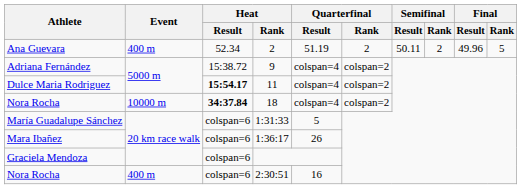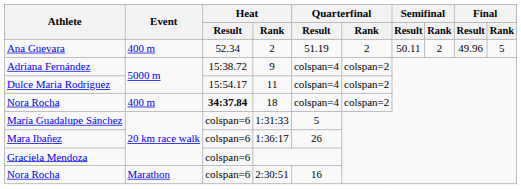 <table class=wikitable style=font-size:90%;text-align:center>
 <tr>
 <th rowspan=2>Athlete</th>
 <th rowspan=2>Event</th>
 <th colspan=2>Heat</th>
 <th colspan=2>Quarterfinal</th>
 <th colspan=2>Semifinal</th>
 <th colspan=2>Final</th>
 </tr>
 <tr style=font-size:95%>
 <th>Result</th>
 <th>Rank</th>
 <th>Result</th>
 <th>Rank</th>
 <th>Result</th>
 <th>Rank</th>
 <th>Result</th>
 <th>Rank</th>
 </tr>
 <tr>
 <td align=left><a href='#'>Ana Guevara</a></td>
 <td align=left><a href='#'>400 m</a></td>
 <td>52.34</td>
 <td>2</td>
 <td>51.19</td>
 <td>2</td>
 <td>50.11</td>
 <td>2</td>
 <td>49.96</td>
 <td>5</td>
 </tr>
 <tr>
 <td align=left><a href='#'>Adriana Fernández</a></td>
 <td align=left rowspan=2><a href='#'>5000 m</a></td>
 <td>15:38.72</td>
 <td>9</td>
 <td>colspan=4 </td>
 <td>colspan=2 </td>
 </tr>
 <tr>
 <td align=left><a href='#'>Dulce Maria Rodriguez</a></td>
-<td><strong>15:54.17</strong></td>
+<td>15:54.17</td>
 <td>11</td>
 <td>colspan=4 </td>
 <td>colspan=2 </td>
 </tr>
 <tr>
 <td align=left><a href='#'>Nora Rocha</a></td>
-<td align=left><a href='#'>10000 m</a></td>
+<td align=left><a href='#'>400 m</a></td>
 <td><strong>34:37.84</strong></td>
 <td>18</td>
 <td>colspan=4 </td>
 <td>colspan=2 </td>
 </tr>
 <tr>
 <td align=left><a href='#'>María Guadalupe Sánchez</a></td>
 <td align=left rowspan=3><a href='#'>20 km race walk</a></td>
 <td>colspan=6 </td>
 <td>1:31:33</td>
 <td>5</td>
 </tr>
 <tr>
 <td align=left><a href='#'>Mara Ibañez</a></td>
 <td>colspan=6 </td>
 <td>1:36:17</td>
 <td>26</td>
 </tr>
 <tr>
 <td align=left><a href='#'>Graciela Mendoza</a></td>
 <td>colspan=6 </td>
 <td colspan=2></td>
 </tr>
 <tr>
 <td align=left><a href='#'>Nora Rocha</a></td>
-<td align=left><a href='#'>400 m</a></td>
+<td align=left><a href='#'>Marathon</a></td>
 <td>colspan=6 </td>
 <td>2:30:51</td>
 <td>16</td>
 </tr>
 </table>
